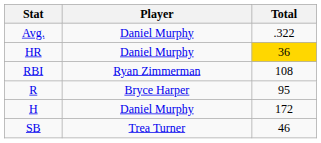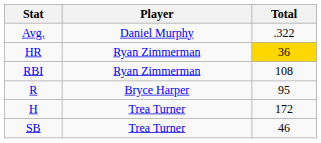 <table class="wikitable" style="width:33%;">
 <tr style="text-align:center; background:#ddd;">
 <th>Stat</th>
 <th>Player</th>
 <th>Total</th>
 </tr>
 <tr align=center>
 <td><a href='#'>Avg.</a></td>
 <td><a href='#'>Daniel Murphy</a></td>
 <td>.322</td>
 </tr>
 <tr align=center>
 <td><a href='#'>HR</a></td>
-<td><a href='#'>Daniel Murphy</a></td>
+<td><a href='#'>Ryan Zimmerman</a></td>
 <td style="background: gold;">36</td>
 </tr>
 <tr align=center>
 <td><a href='#'>RBI</a></td>
 <td><a href='#'>Ryan Zimmerman</a></td>
 <td>108</td>
 </tr>
 <tr align=center>
 <td><a href='#'>R</a></td>
 <td><a href='#'>Bryce Harper</a></td>
 <td>95</td>
 </tr>
 <tr align=center>
 <td><a href='#'>H</a></td>
-<td><a href='#'>Daniel Murphy</a></td>
+<td><a href='#'>Trea Turner</a></td>
 <td>172</td>
 </tr>
 <tr align=center>
 <td><a href='#'>SB</a></td>
 <td><a href='#'>Trea Turner</a></td>
 <td>46</td>
 </tr>
 </table>
